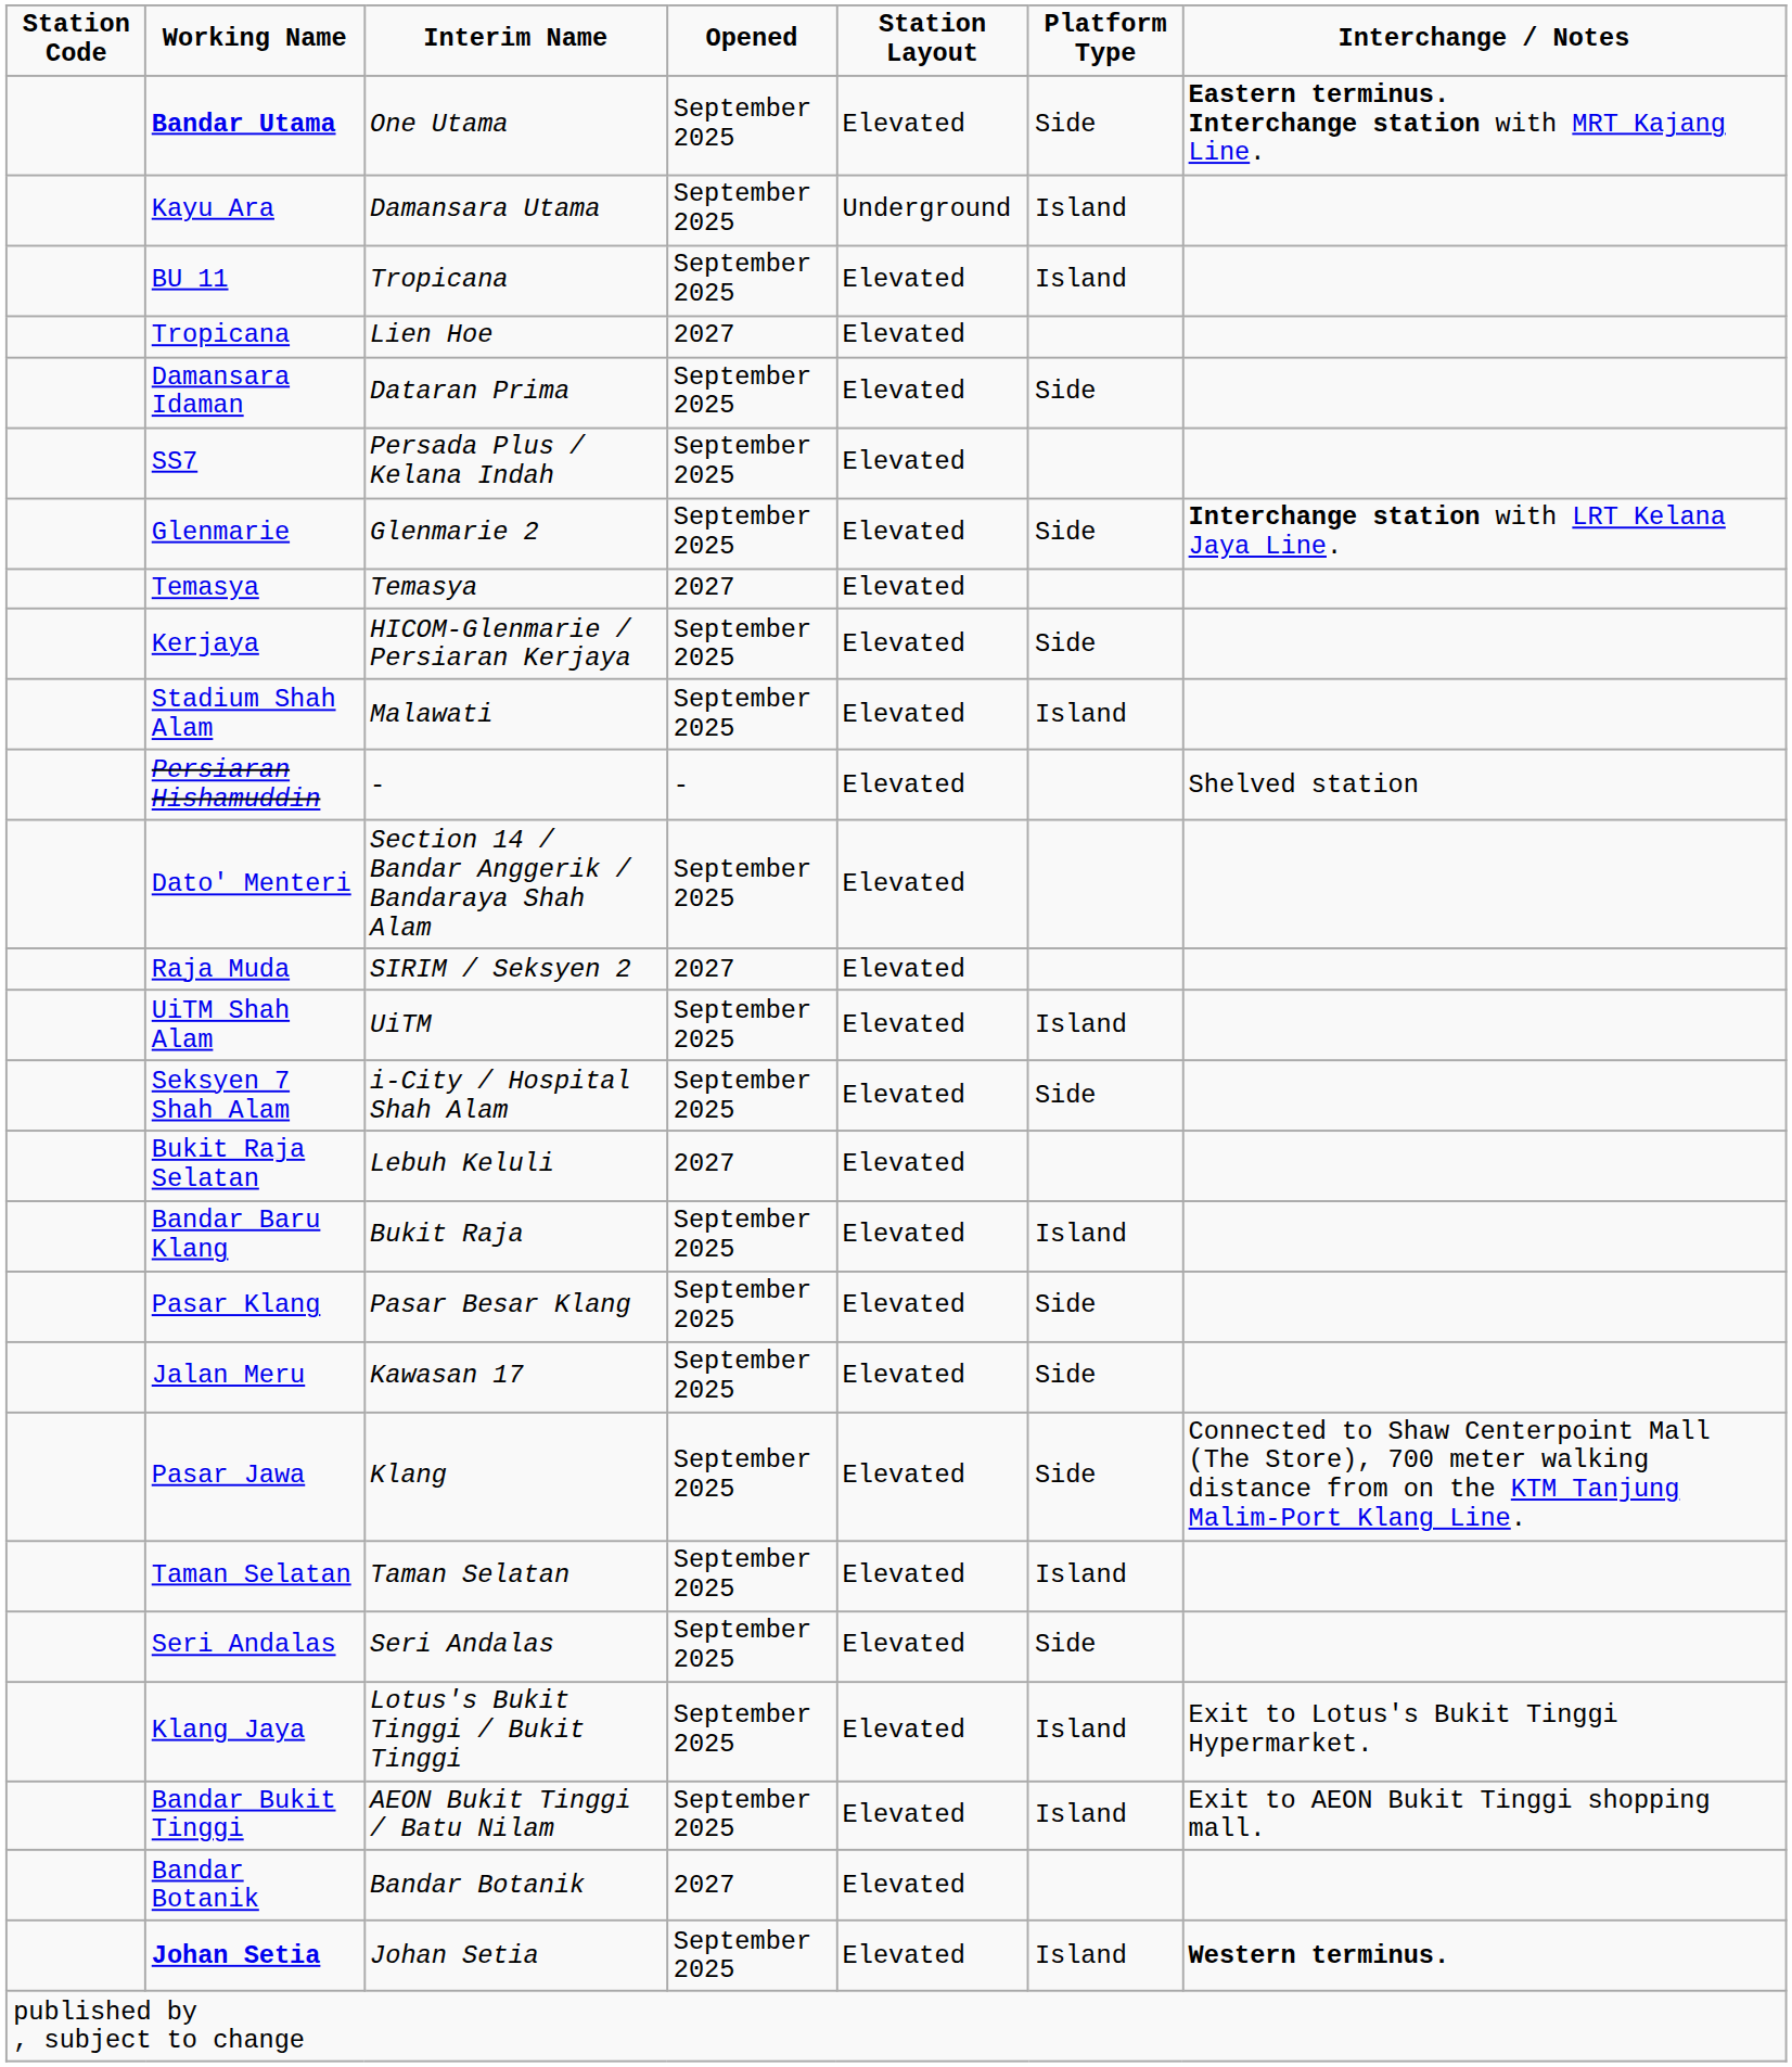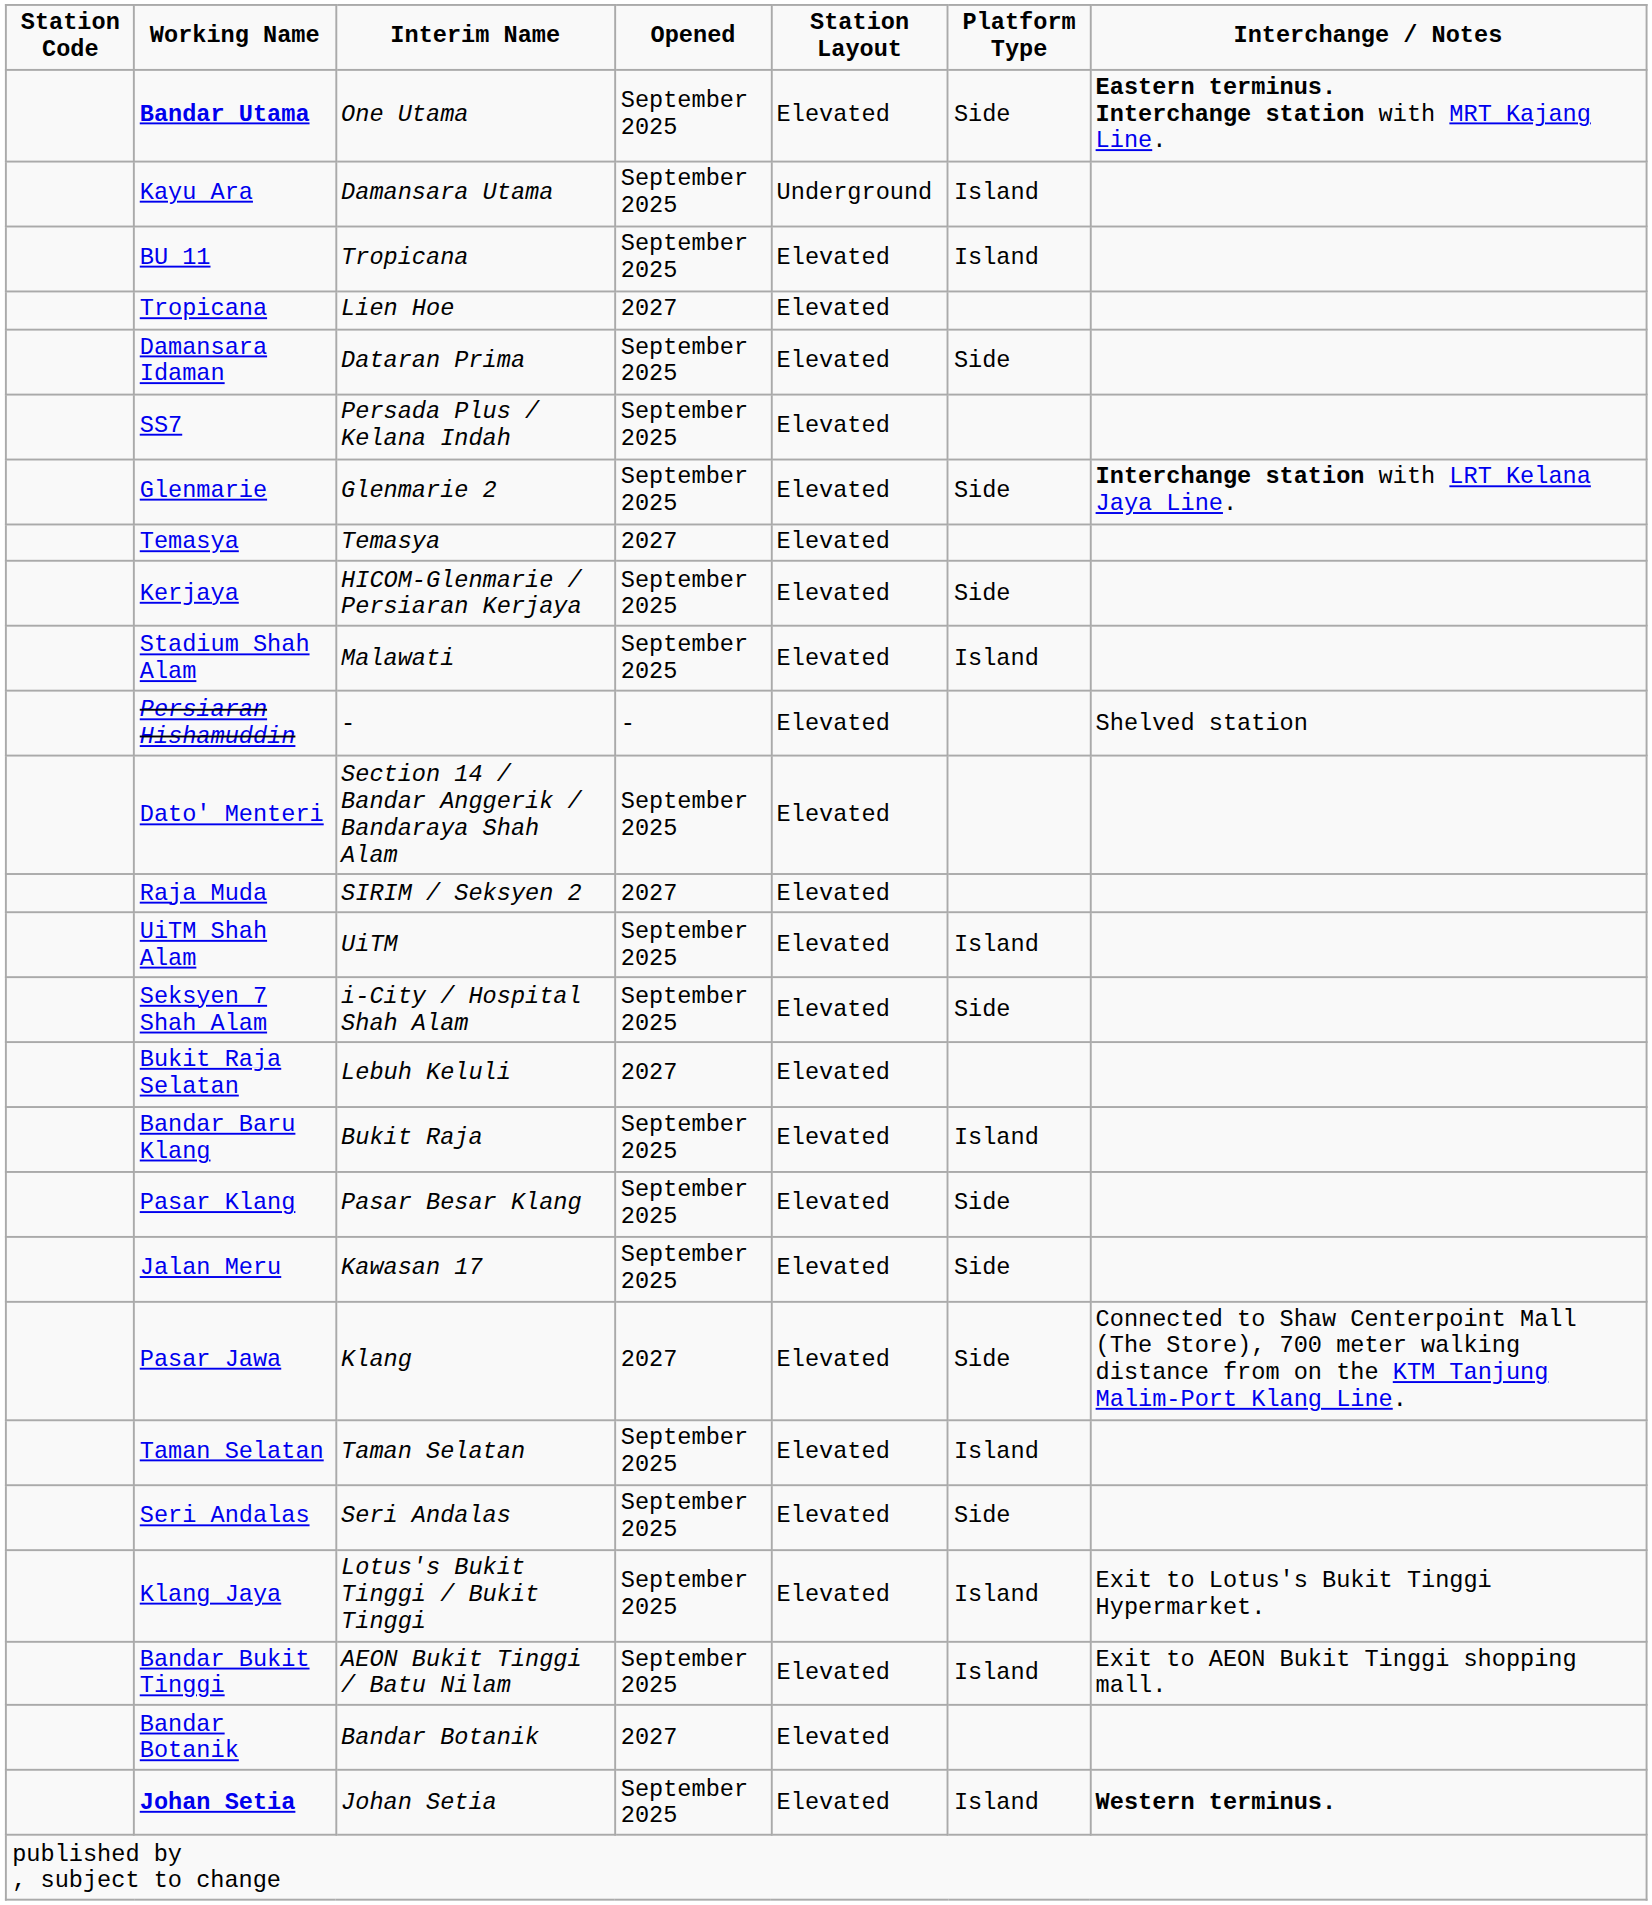 <table class="wikitable sortable" style="margin-left: 1em; margin-bottom: 1em; color: black; border-collapse: collapse; font-size: 95%">
 <tr align="center">
 <td><strong>Station Code</strong></td>
 <td><strong>Working Name</strong></td>
 <td><strong>Interim Name</strong></td>
 <td><strong>Opened</strong></td>
 <td><strong>Station Layout</strong></td>
 <td><strong>Platform Type</strong></td>
 <td><strong>Interchange / Notes</strong></td>
 </tr>
 <tr>
 <td></td>
 <td><strong><a href='#'>Bandar Utama</a></strong></td>
 <td><em>One Utama</em></td>
 <td>September 2025</td>
 <td>Elevated</td>
 <td>Side</td>
 <td><strong>Eastern terminus.</strong><br><strong>Interchange station</strong> with  <a href='#'>MRT Kajang Line</a>.</td>
 </tr>
 <tr>
 <td></td>
 <td><a href='#'>Kayu Ara</a></td>
 <td><em>Damansara Utama</em></td>
 <td>September 2025</td>
 <td>Underground</td>
 <td>Island</td>
 <td></td>
 </tr>
 <tr>
 <td></td>
 <td><a href='#'>BU 11</a></td>
 <td><em>Tropicana</em></td>
 <td>September 2025</td>
 <td>Elevated</td>
 <td>Island</td>
 <td></td>
 </tr>
 <tr>
 <td></td>
 <td><a href='#'>Tropicana</a></td>
 <td><em>Lien Hoe</em></td>
 <td>2027</td>
 <td>Elevated</td>
 <td></td>
 <td></td>
 </tr>
 <tr>
 <td></td>
 <td><a href='#'>Damansara Idaman</a></td>
 <td><em>Dataran Prima</em></td>
 <td>September 2025</td>
 <td>Elevated</td>
 <td>Side</td>
 <td></td>
 </tr>
 <tr>
 <td></td>
 <td><a href='#'>SS7</a></td>
 <td><em>Persada Plus / Kelana Indah</em></td>
 <td>September 2025</td>
 <td>Elevated</td>
 <td></td>
 <td></td>
 </tr>
 <tr>
 <td></td>
 <td><a href='#'>Glenmarie</a></td>
 <td><em>Glenmarie 2</em></td>
 <td>September 2025</td>
 <td>Elevated</td>
 <td>Side</td>
 <td><strong>Interchange station</strong> with  <a href='#'>LRT Kelana Jaya Line</a>.</td>
 </tr>
 <tr>
 <td></td>
 <td><a href='#'>Temasya</a></td>
 <td><em>Temasya</em></td>
 <td>2027</td>
 <td>Elevated</td>
 <td></td>
 <td></td>
 </tr>
 <tr>
 <td></td>
 <td><a href='#'>Kerjaya</a></td>
 <td><em>HICOM-Glenmarie / Persiaran Kerjaya</em></td>
 <td>September 2025</td>
 <td>Elevated</td>
 <td>Side</td>
 <td></td>
 </tr>
 <tr>
 <td></td>
 <td><a href='#'>Stadium Shah Alam</a></td>
 <td><em>Malawati</em></td>
 <td>September 2025</td>
 <td>Elevated</td>
 <td>Island</td>
 <td></td>
 </tr>
 <tr>
 <td></td>
 <td><s><em><a href='#'>Persiaran Hishamuddin</a></em></s></td>
 <td>-</td>
 <td>-</td>
 <td>Elevated</td>
 <td></td>
 <td>Shelved station</td>
 </tr>
 <tr>
 <td></td>
 <td><a href='#'>Dato' Menteri</a></td>
 <td><em>Section 14 / Bandar Anggerik / Bandaraya Shah Alam</em></td>
 <td>September 2025</td>
 <td>Elevated</td>
 <td></td>
 <td></td>
 </tr>
 <tr>
 <td></td>
 <td><a href='#'>Raja Muda</a></td>
 <td><em>SIRIM / Seksyen 2</em></td>
 <td>2027</td>
 <td>Elevated</td>
 <td></td>
 <td></td>
 </tr>
 <tr>
 <td></td>
 <td><a href='#'>UiTM Shah Alam</a></td>
 <td><em>UiTM</em></td>
 <td>September 2025</td>
 <td>Elevated</td>
 <td>Island</td>
 <td></td>
 </tr>
 <tr>
 <td></td>
 <td><a href='#'>Seksyen 7 Shah Alam</a></td>
 <td><em>i-City / Hospital Shah Alam</em></td>
 <td>September 2025</td>
 <td>Elevated</td>
 <td>Side</td>
 <td></td>
 </tr>
 <tr>
 <td></td>
 <td><a href='#'>Bukit Raja Selatan</a></td>
 <td><em>Lebuh Keluli</em></td>
 <td>2027</td>
 <td>Elevated</td>
 <td></td>
 <td></td>
 </tr>
 <tr>
 <td></td>
 <td><a href='#'>Bandar Baru Klang</a></td>
 <td><em>Bukit Raja</em></td>
 <td>September 2025</td>
 <td>Elevated</td>
 <td>Island</td>
 <td></td>
 </tr>
 <tr>
 <td></td>
 <td><a href='#'>Pasar Klang</a></td>
 <td><em>Pasar Besar Klang</em></td>
 <td>September 2025</td>
 <td>Elevated</td>
 <td>Side</td>
 <td></td>
 </tr>
 <tr>
 <td></td>
 <td><a href='#'>Jalan Meru</a></td>
 <td><em>Kawasan 17</em></td>
 <td>September 2025</td>
 <td>Elevated</td>
 <td>Side</td>
 <td></td>
 </tr>
 <tr>
 <td></td>
 <td><a href='#'>Pasar Jawa</a></td>
 <td><em>Klang</em></td>
-<td>September 2025</td>
+<td>2027</td>
 <td>Elevated</td>
 <td>Side</td>
 <td>Connected to Shaw Centerpoint Mall (The Store), 700 meter walking distance from  <strong></strong> on the <a href='#'>KTM Tanjung Malim-Port Klang Line</a>.</td>
 </tr>
 <tr>
 <td></td>
 <td><a href='#'>Taman Selatan</a></td>
 <td><em>Taman Selatan</em></td>
 <td>September 2025</td>
 <td>Elevated</td>
 <td>Island</td>
 <td></td>
 </tr>
 <tr>
 <td></td>
 <td><a href='#'>Seri Andalas</a></td>
 <td><em>Seri Andalas</em></td>
 <td>September 2025</td>
 <td>Elevated</td>
 <td>Side</td>
 <td></td>
 </tr>
 <tr>
 <td></td>
 <td><a href='#'>Klang Jaya</a></td>
 <td><em>Lotus's Bukit Tinggi / Bukit Tinggi</em></td>
 <td>September 2025</td>
 <td>Elevated</td>
 <td>Island</td>
 <td>Exit to Lotus's Bukit Tinggi Hypermarket.</td>
 </tr>
 <tr>
 <td></td>
 <td><a href='#'>Bandar Bukit Tinggi</a></td>
 <td><em>AEON Bukit Tinggi / Batu Nilam</em></td>
 <td>September 2025</td>
 <td>Elevated</td>
 <td>Island</td>
 <td>Exit to AEON Bukit Tinggi shopping mall.</td>
 </tr>
 <tr>
 <td></td>
 <td><a href='#'>Bandar Botanik</a></td>
 <td><em>Bandar Botanik</em></td>
 <td>2027</td>
 <td>Elevated</td>
 <td></td>
 <td></td>
 </tr>
 <tr>
 <td></td>
 <td><strong><a href='#'>Johan Setia</a></strong></td>
 <td><em>Johan Setia</em></td>
 <td>September 2025</td>
 <td>Elevated</td>
 <td>Island</td>
 <td><strong>Western terminus.</strong></td>
 </tr>
 <tr>
 <td colspan="7"> published by <br>, subject to change</td>
 </tr>
 </table>
